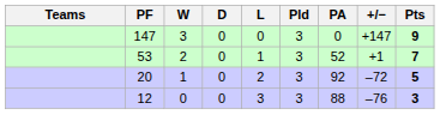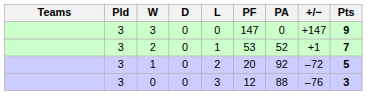 <table class="wikitable" style="text-align: center;">
 <tr>
 <th width="140">Teams</th>
-<th width="40">PF</th>
+<th width="40">Pld</th>
 <th width="40">W</th>
 <th width="40">D</th>
 <th width="40">L</th>
-<th width="40">Pld</th>
+<th width="40">PF</th>
 <th width="40">PA</th>
 <th width="40">+/−</th>
 <th width="40">Pts</th>
 </tr>
 <tr bgcolor=ccffcc>
 <td align=left></td>
-<td>147</td>
+<td>3</td>
 <td>3</td>
 <td>0</td>
 <td>0</td>
-<td>3</td>
+<td>147</td>
 <td>0</td>
 <td>+147</td>
 <td><strong>9</strong></td>
 </tr>
 <tr bgcolor=ccffcc>
 <td align=left></td>
-<td>53</td>
+<td>3</td>
 <td>2</td>
 <td>0</td>
 <td>1</td>
-<td>3</td>
+<td>53</td>
 <td>52</td>
 <td>+1</td>
 <td><strong>7</strong></td>
 </tr>
 <tr bgcolor=ccccff>
 <td align=left></td>
-<td>20</td>
+<td>3</td>
 <td>1</td>
 <td>0</td>
 <td>2</td>
-<td>3</td>
+<td>20</td>
 <td>92</td>
 <td>–72</td>
 <td><strong>5</strong></td>
 </tr>
 <tr bgcolor=ccccff>
 <td align=left></td>
-<td>12</td>
+<td>3</td>
 <td>0</td>
 <td>0</td>
 <td>3</td>
-<td>3</td>
+<td>12</td>
 <td>88</td>
 <td>–76</td>
 <td><strong>3</strong></td>
 </tr>
 </table>
